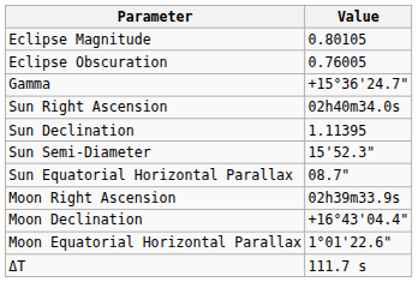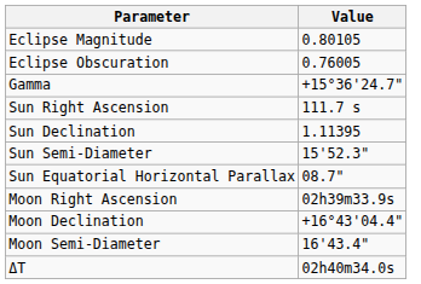 <table class="wikitable">
 <tr>
 <th>Parameter</th>
 <th>Value</th>
 </tr>
 <tr>
 <td>Eclipse Magnitude</td>
 <td>0.80105</td>
 </tr>
 <tr>
 <td>Eclipse Obscuration</td>
 <td>0.76005</td>
 </tr>
 <tr>
 <td>Gamma</td>
 <td>+15°36'24.7"</td>
 </tr>
 <tr>
 <td>Sun Right Ascension</td>
-<td>02h40m34.0s</td>
+<td>111.7 s</td>
 </tr>
 <tr>
 <td>Sun Declination</td>
 <td>1.11395</td>
 </tr>
 <tr>
 <td>Sun Semi-Diameter</td>
 <td>15'52.3"</td>
 </tr>
 <tr>
 <td>Sun Equatorial Horizontal Parallax</td>
 <td>08.7"</td>
 </tr>
 <tr>
 <td>Moon Right Ascension</td>
 <td>02h39m33.9s</td>
 </tr>
 <tr>
 <td>Moon Declination</td>
 <td>+16°43'04.4"</td>
 </tr>
 <tr>
-<td>Moon Equatorial Horizontal Parallax</td>
-<td>1°01'22.6"</td>
+<td>Moon Semi-Diameter</td>
+<td>16'43.4"</td>
 </tr>
 <tr>
 <td>ΔT</td>
-<td>111.7 s</td>
+<td>02h40m34.0s</td>
 </tr>
 </table>
